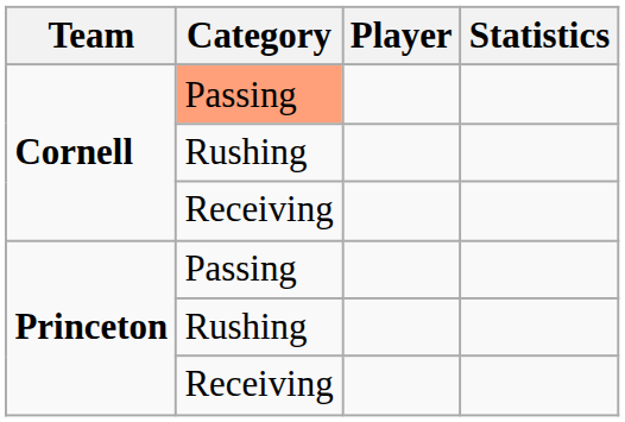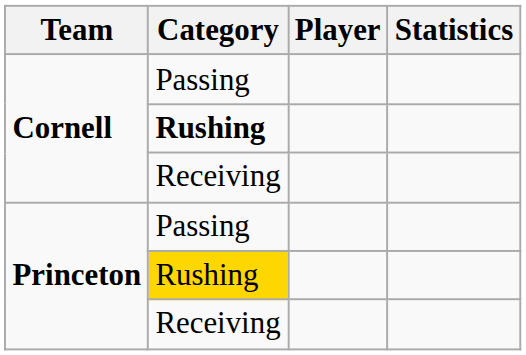 <table class="wikitable" style="float: right;">
 <tr>
 <th>Team</th>
 <th>Category</th>
 <th>Player</th>
 <th>Statistics</th>
 </tr>
 <tr>
 <td rowspan=3><strong>Cornell</strong></td>
-<td style="background: lightsalmon;">Passing</td>
+<td>Passing</td>
 <td></td>
 <td></td>
 </tr>
 <tr>
-<td>Rushing</td>
+<td><strong>Rushing</strong></td>
 <td></td>
 <td></td>
 </tr>
 <tr>
 <td>Receiving</td>
 <td></td>
 <td></td>
 </tr>
 <tr>
 <td rowspan=3><strong>Princeton</strong></td>
 <td>Passing</td>
 <td></td>
 <td></td>
 </tr>
 <tr>
-<td>Rushing</td>
+<td style="background: gold;">Rushing</td>
 <td></td>
 <td></td>
 </tr>
 <tr>
 <td>Receiving</td>
 <td></td>
 <td></td>
 </tr>
 </table>
